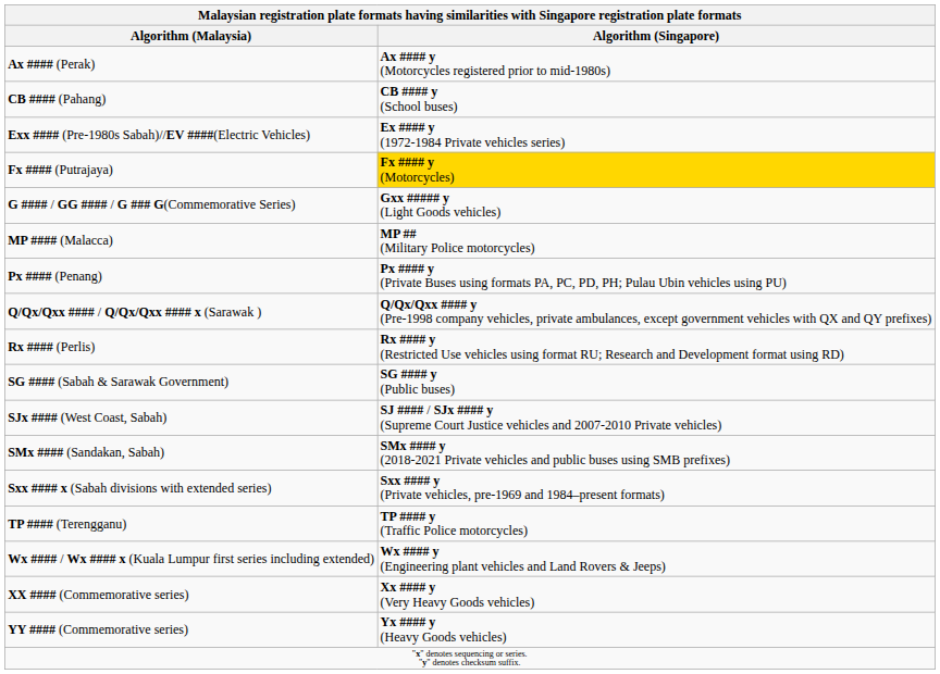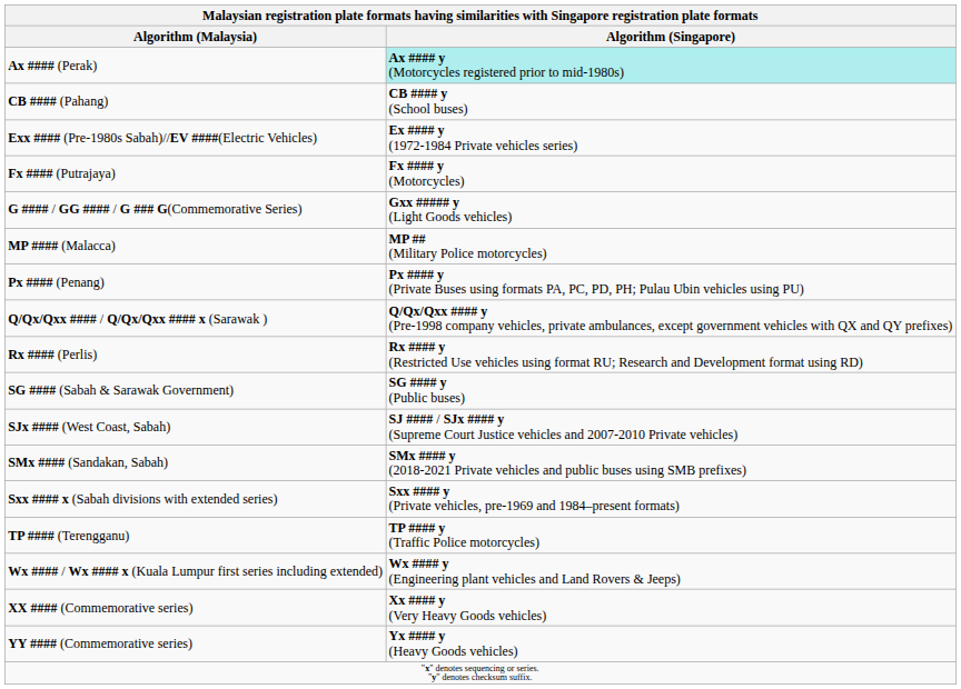 <table class="wikitable">
 <tr>
 <th align="center" colspan="4">Malaysian registration plate formats having similarities with Singapore registration plate formats</th>
 </tr>
 <tr>
 <th>Algorithm (Malaysia)</th>
 <th>Algorithm (Singapore)</th>
 </tr>
 <tr>
 <td><strong>Ax ####</strong> (Perak)</td>
-<td><strong>Ax #### y</strong> <br>(Motorcycles registered prior to mid-1980s)</td>
+<td style="background: paleturquoise;"><strong>Ax #### y</strong> <br>(Motorcycles registered prior to mid-1980s)</td>
 </tr>
 <tr>
 <td><strong>CB ####</strong> (Pahang)</td>
 <td><strong>CB #### y</strong> <br>(School buses)</td>
 </tr>
 <tr>
 <td><strong>Exx ####</strong> (Pre-1980s Sabah)//<strong>EV ####</strong>(Electric Vehicles)</td>
 <td><strong>Ex #### y</strong><br>(1972-1984 Private vehicles series)</td>
 </tr>
 <tr>
 <td><strong>Fx ####</strong> (Putrajaya)</td>
-<td style="background: gold;"><strong>Fx #### y</strong><br>(Motorcycles)</td>
+<td><strong>Fx #### y</strong><br>(Motorcycles)</td>
 </tr>
 <tr>
 <td><strong>G ####</strong> / <strong>GG ####</strong> / <strong>G ### G</strong>(Commemorative Series)</td>
 <td><strong>Gxx ##### y</strong><br>(Light Goods vehicles)</td>
 </tr>
 <tr>
 <td><strong>MP ####</strong> (Malacca)</td>
 <td><strong>MP ##</strong><br>(Military Police motorcycles)</td>
 </tr>
 <tr>
 <td><strong>Px ####</strong> (Penang)</td>
 <td><strong>Px #### y</strong><br>(Private Buses using formats PA, PC, PD, PH; Pulau Ubin vehicles using PU)</td>
 </tr>
 <tr>
 <td><strong>Q/Qx/Qxx ####</strong> / <strong>Q/Qx/Qxx #### x</strong> (Sarawak )</td>
 <td><strong>Q/Qx/Qxx #### y</strong><br>(Pre-1998 company vehicles, private ambulances, except government vehicles with QX and QY prefixes)</td>
 </tr>
 <tr>
 <td><strong>Rx ####</strong> (Perlis)</td>
 <td><strong>Rx #### y</strong><br>(Restricted Use vehicles using format RU; Research and Development format using RD)</td>
 </tr>
 <tr>
 <td><strong>SG ####</strong> (Sabah & Sarawak Government)</td>
 <td><strong>SG #### y</strong><br> (Public buses)</td>
 </tr>
 <tr>
 <td><strong>SJx ####</strong> (West Coast, Sabah)</td>
 <td><strong>SJ ####</strong> / <strong>SJx #### y</strong><br>(Supreme Court Justice vehicles and 2007-2010 Private vehicles)</td>
 </tr>
 <tr>
 <td><strong>SMx ####</strong> (Sandakan, Sabah)</td>
 <td><strong>SMx #### y</strong><br>(2018-2021 Private vehicles and public buses using SMB prefixes)</td>
 </tr>
 <tr>
 <td><strong>Sxx #### x</strong> (Sabah divisions with extended series)</td>
 <td><strong>Sxx #### y</strong><br>(Private vehicles, pre-1969 and 1984–present formats)</td>
 </tr>
 <tr>
 <td><strong>TP ####</strong> (Terengganu)</td>
 <td><strong>TP #### y</strong><br>(Traffic Police motorcycles)</td>
 </tr>
 <tr>
 <td><strong>Wx ####</strong> / <strong>Wx #### x</strong> (Kuala Lumpur first series including extended)</td>
 <td><strong>Wx #### y</strong><br>(Engineering plant vehicles and Land Rovers & Jeeps)</td>
 </tr>
 <tr>
 <td><strong>XX ####</strong> (Commemorative series)</td>
 <td><strong>Xx #### y</strong><br>(Very Heavy Goods vehicles)</td>
 </tr>
 <tr>
 <td><strong>YY ####</strong> (Commemorative series)</td>
 <td><strong>Yx #### y</strong><br>(Heavy Goods vehicles)</td>
 </tr>
 <tr>
 <td align="center" colspan="30" style="font-size: 8pt">"<strong>x</strong>" denotes sequencing or series. <br> "<strong>y</strong>" denotes checksum suffix.</td>
 </tr>
 </table>
